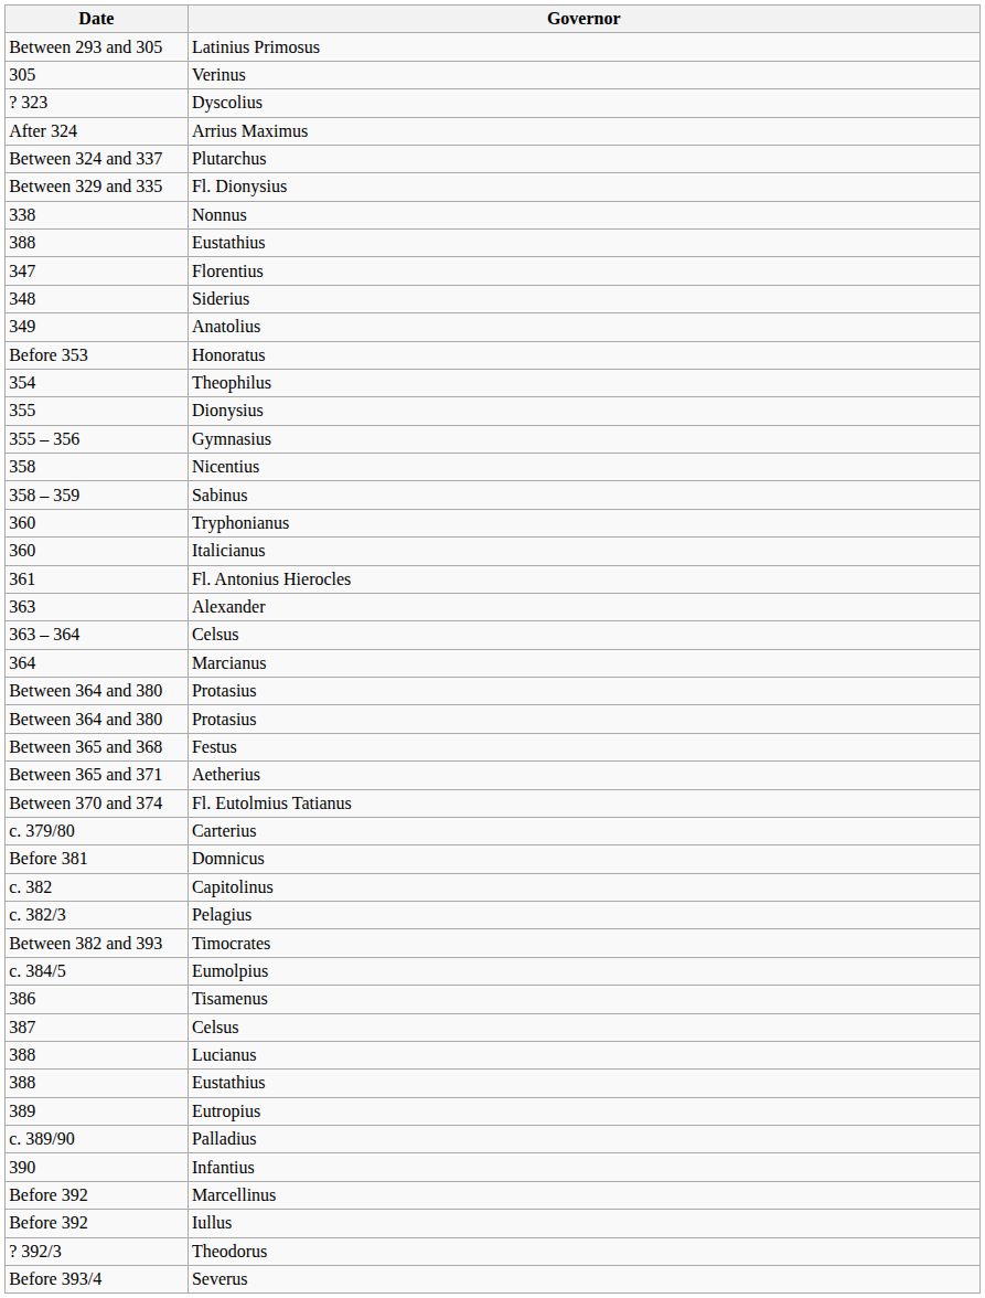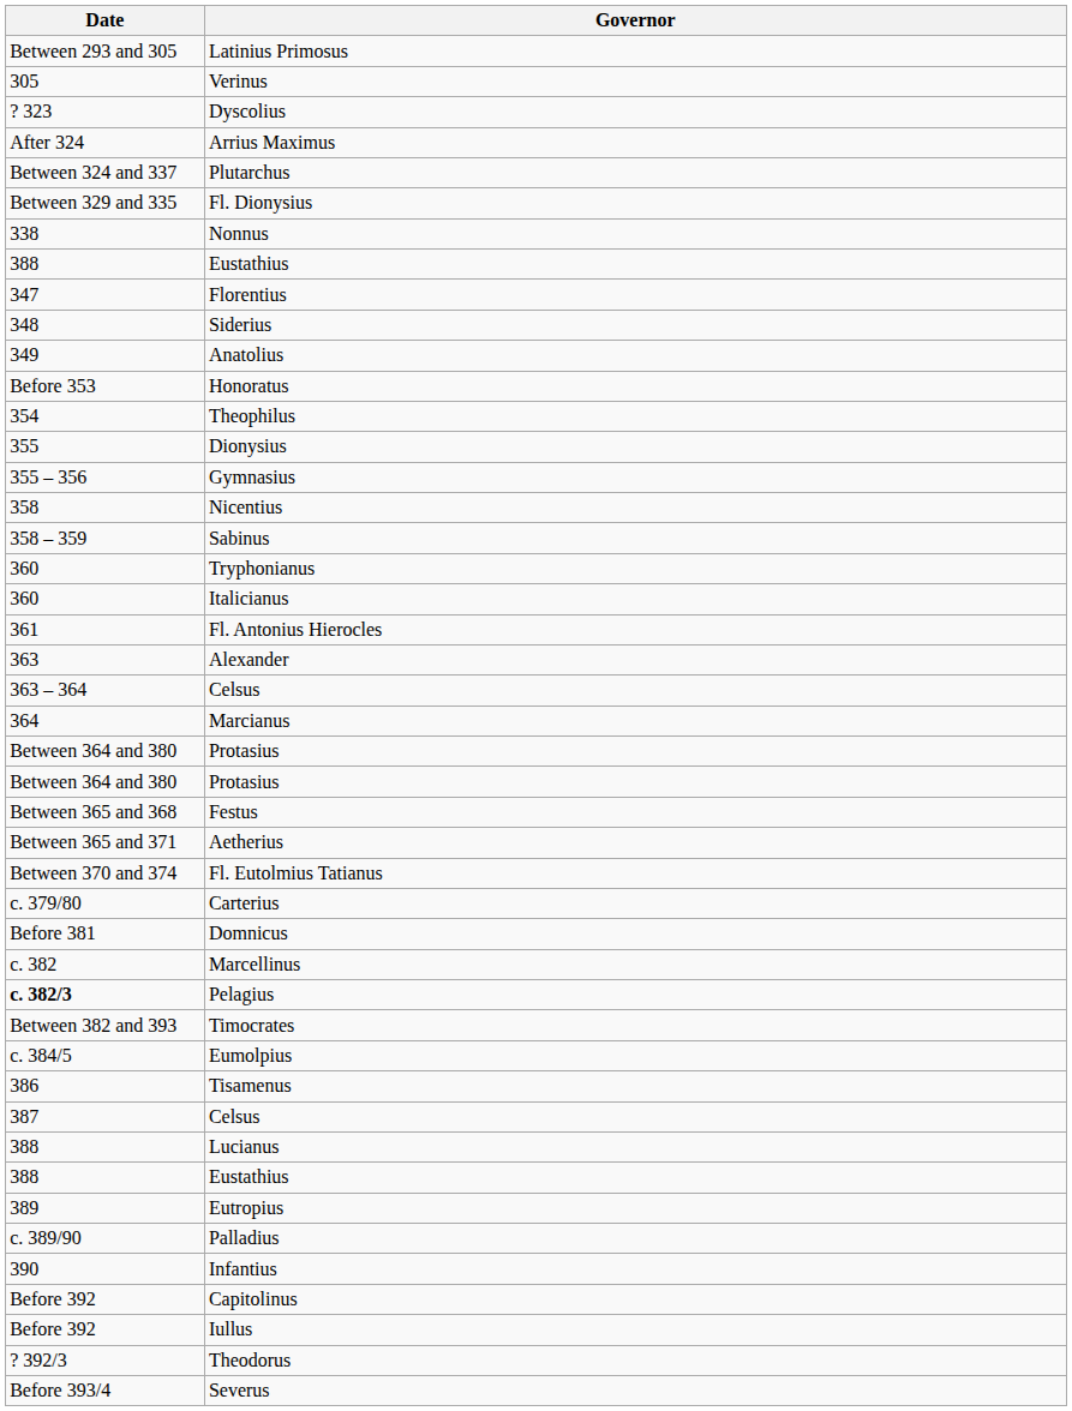 <table class="wikitable"  width="70%">
 <tr bgcolor="#FFDEAD">
 <th width="9%">Date</th>
 <th width="39%">Governor</th>
 </tr>
 <tr>
 <td>Between 293 and 305</td>
 <td>Latinius Primosus</td>
 </tr>
 <tr>
 <td>305</td>
 <td>Verinus</td>
 </tr>
 <tr>
 <td>? 323</td>
 <td>Dyscolius</td>
 </tr>
 <tr>
 <td>After 324</td>
 <td>Arrius Maximus</td>
 </tr>
 <tr>
 <td>Between 324 and 337</td>
 <td>Plutarchus</td>
 </tr>
 <tr>
 <td>Between 329 and 335</td>
 <td>Fl. Dionysius</td>
 </tr>
 <tr>
 <td>338</td>
 <td>Nonnus</td>
 </tr>
 <tr>
 <td>388</td>
 <td>Eustathius</td>
 </tr>
 <tr>
 <td>347</td>
 <td>Florentius</td>
 </tr>
 <tr>
 <td>348</td>
 <td>Siderius</td>
 </tr>
 <tr>
 <td>349</td>
 <td>Anatolius</td>
 </tr>
 <tr>
 <td>Before 353</td>
 <td>Honoratus</td>
 </tr>
 <tr>
 <td>354</td>
 <td>Theophilus</td>
 </tr>
 <tr>
 <td>355</td>
 <td>Dionysius</td>
 </tr>
 <tr>
 <td>355 – 356</td>
 <td>Gymnasius</td>
 </tr>
 <tr>
 <td>358</td>
 <td>Nicentius</td>
 </tr>
 <tr>
 <td>358 – 359</td>
 <td>Sabinus</td>
 </tr>
 <tr>
 <td>360</td>
 <td>Tryphonianus</td>
 </tr>
 <tr>
 <td>360</td>
 <td>Italicianus</td>
 </tr>
 <tr>
 <td>361</td>
 <td>Fl. Antonius Hierocles</td>
 </tr>
 <tr>
 <td>363</td>
 <td>Alexander</td>
 </tr>
 <tr>
 <td>363 – 364</td>
 <td>Celsus</td>
 </tr>
 <tr>
 <td>364</td>
 <td>Marcianus</td>
 </tr>
 <tr>
 <td>Between 364 and 380</td>
 <td>Protasius</td>
 </tr>
 <tr>
 <td>Between 364 and 380</td>
 <td>Protasius</td>
 </tr>
 <tr>
 <td>Between 365 and 368</td>
 <td>Festus</td>
 </tr>
 <tr>
 <td>Between 365 and 371</td>
 <td>Aetherius</td>
 </tr>
 <tr>
 <td>Between 370 and 374</td>
 <td>Fl. Eutolmius Tatianus</td>
 </tr>
 <tr>
 <td>c. 379/80</td>
 <td>Carterius</td>
 </tr>
 <tr>
 <td>Before 381</td>
 <td>Domnicus</td>
 </tr>
 <tr>
 <td>c. 382</td>
-<td>Capitolinus</td>
+<td>Marcellinus</td>
 </tr>
 <tr>
-<td>c. 382/3</td>
+<td><strong>c. 382/3</strong></td>
 <td>Pelagius</td>
 </tr>
 <tr>
 <td>Between 382 and 393</td>
 <td>Timocrates</td>
 </tr>
 <tr>
 <td>c. 384/5</td>
 <td>Eumolpius</td>
 </tr>
 <tr>
 <td>386</td>
 <td>Tisamenus</td>
 </tr>
 <tr>
 <td>387</td>
 <td>Celsus</td>
 </tr>
 <tr>
 <td>388</td>
 <td>Lucianus</td>
 </tr>
 <tr>
 <td>388</td>
 <td>Eustathius</td>
 </tr>
 <tr>
 <td>389</td>
 <td>Eutropius</td>
 </tr>
 <tr>
 <td>c. 389/90</td>
 <td>Palladius</td>
 </tr>
 <tr>
 <td>390</td>
 <td>Infantius</td>
 </tr>
 <tr>
 <td>Before 392</td>
-<td>Marcellinus</td>
+<td>Capitolinus</td>
 </tr>
 <tr>
 <td>Before 392</td>
 <td>Iullus</td>
 </tr>
 <tr>
 <td>? 392/3</td>
 <td>Theodorus</td>
 </tr>
 <tr>
 <td>Before 393/4</td>
 <td>Severus</td>
 </tr>
 <tr>
 </tr>
 </table>
